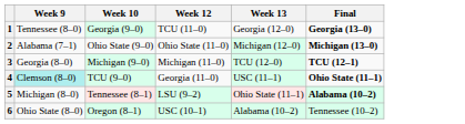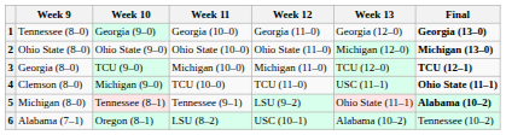 <table class="wikitable" style="font-size:90%">
 <tr>
 <th></th>
 <th>Week 9</th>
 <th>Week 10</th>
+<th>Week 11</th>
 <th>Week 12</th>
 <th>Week 13</th>
 <th>Final</th>
 </tr>
 <tr>
 <th>1</th>
 <td>Tennessee (8–0)</td>
 <td style="background:#d8ffeb">Georgia (9–0)</td>
-<td>TCU (11–0)</td>
+<td>Georgia (10–0)</td>
+<td>Georgia (11–0)</td>
 <td>Georgia (12–0)</td>
 <td style="background:#"><strong>Georgia (13–0)</strong></td>
 </tr>
 <tr>
 <th>2</th>
-<td>Alabama (7–1)</td>
+<td>Ohio State (8–0)</td>
 <td>Ohio State (9–0)</td>
+<td>Ohio State (10–0)</td>
 <td>Ohio State (11–0)</td>
 <td style="background:#d8ffeb">Michigan (12–0)</td>
 <td style="background:#"><strong>Michigan (13–0)</strong></td>
 </tr>
 <tr>
 <th>3</th>
 <td>Georgia (8–0)</td>
-<td style="background:#d8ffeb">Michigan (9–0)</td>
+<td style="background:#d8ffeb">TCU (9–0)</td>
+<td>Michigan (10–0)</td>
 <td>Michigan (11–0)</td>
 <td style="background:#d8ffeb">TCU (12–0)</td>
 <td style="background:#"><strong>TCU (12–1)</strong></td>
 </tr>
 <tr>
 <th>4</th>
-<td style="background: paleturquoise;">Clemson (8–0)</td>
-<td style="background:#d8ffeb">TCU (9–0)</td>
-<td>Georgia (11–0)</td>
+<td>Clemson (8–0)</td>
+<td style="background:#d8ffeb">Michigan (9–0)</td>
+<td>TCU (10–0)</td>
+<td>TCU (11–0)</td>
 <td style="background:#d8ffeb">USC (11–1)</td>
 <td style="background:#"><strong>Ohio State (11–1)</strong></td>
 </tr>
 <tr>
 <th>5</th>
 <td>Michigan (8–0)</td>
 <td style="background:#ffe6e6">Tennessee (8–1)</td>
+<td>Tennessee (9–1)</td>
 <td style="background:#d8ffeb">LSU (9–2)</td>
 <td style="background:#ffe6e6">Ohio State (11–1)</td>
 <td style="background:#d8ffeb"><strong>Alabama (10–2)</strong></td>
 </tr>
 <tr>
 <th>6</th>
-<td>Ohio State (8–0)</td>
+<td>Alabama (7–1)</td>
 <td style="background:#d8ffeb">Oregon (8–1)</td>
+<td style="background:#d8ffeb">LSU (8–2)</td>
 <td style="background:#d8ffeb">USC (10–1)</td>
 <td style="background:#d8ffeb">Alabama (10–2)</td>
 <td style="background:#d8ffeb">Tennessee (10–2)</td>
 </tr>
 </table>
